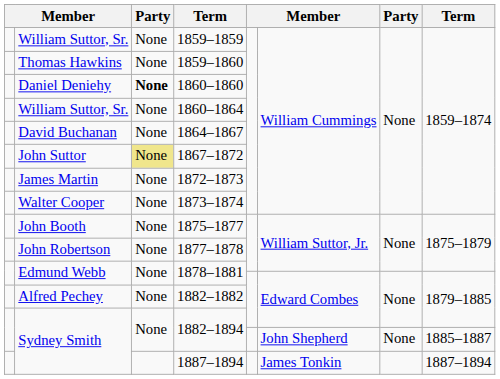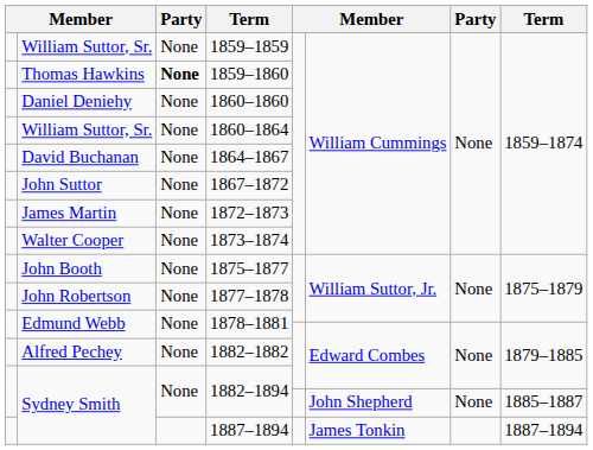 <table class="wikitable">
 <tr>
 <th colspan="2">Member</th>
 <th>Party</th>
 <th>Term</th>
 <th colspan="2">Member</th>
 <th>Party</th>
 <th>Term</th>
 </tr>
 <tr>
 <td> </td>
 <td><a href='#'>William Suttor, Sr.</a></td>
 <td>None</td>
 <td>1859–1859</td>
 <td rowspan="8" > </td>
 <td rowspan="8"><a href='#'>William Cummings</a></td>
 <td rowspan="8">None</td>
 <td rowspan="8">1859–1874</td>
 </tr>
 <tr>
 <td> </td>
 <td><a href='#'>Thomas Hawkins</a></td>
-<td>None</td>
+<td><strong>None</strong></td>
 <td>1859–1860</td>
 </tr>
 <tr>
 <td> </td>
 <td><a href='#'>Daniel Deniehy</a></td>
-<td><strong>None</strong></td>
+<td>None</td>
 <td>1860–1860</td>
 </tr>
 <tr>
 <td> </td>
 <td><a href='#'>William Suttor, Sr.</a></td>
 <td>None</td>
 <td>1860–1864</td>
 </tr>
 <tr>
 <td> </td>
 <td><a href='#'>David Buchanan</a></td>
 <td>None</td>
 <td>1864–1867</td>
 </tr>
 <tr>
 <td> </td>
 <td><a href='#'>John Suttor</a></td>
-<td style="background: khaki;">None</td>
+<td>None</td>
 <td>1867–1872</td>
 </tr>
 <tr>
 <td> </td>
 <td><a href='#'>James Martin</a></td>
 <td>None</td>
 <td>1872–1873</td>
 </tr>
 <tr>
 <td> </td>
 <td><a href='#'>Walter Cooper</a></td>
 <td>None</td>
 <td>1873–1874</td>
 </tr>
 <tr>
 <td> </td>
 <td><a href='#'>John Booth</a></td>
 <td>None</td>
 <td>1875–1877</td>
 <td rowspan="3" > <br> <br> </td>
 <td rowspan="3"><a href='#'>William Suttor, Jr.</a></td>
 <td rowspan="3">None</td>
 <td rowspan="3">1875–1879</td>
 </tr>
 <tr>
 <td> </td>
 <td><a href='#'>John Robertson</a></td>
 <td>None</td>
 <td>1877–1878</td>
 </tr>
 <tr>
 <td rowspan="2" > </td>
 <td rowspan="2"><a href='#'>Edmund Webb</a></td>
 <td rowspan="2">None</td>
 <td rowspan="2">1878–1881</td>
 </tr>
 <tr>
 <td rowspan="3" > <br> <br> </td>
 <td rowspan="3"><a href='#'>Edward Combes</a></td>
 <td rowspan="3">None</td>
 <td rowspan="3">1879–1885</td>
 </tr>
 <tr>
 <td> </td>
 <td><a href='#'>Alfred Pechey</a></td>
 <td>None</td>
 <td>1882–1882</td>
 </tr>
 <tr>
 <td rowspan="2" > </td>
 <td rowspan="3"><a href='#'>Sydney Smith</a></td>
 <td rowspan="2">None</td>
 <td rowspan="2">1882–1894</td>
 </tr>
 <tr>
 <td> </td>
 <td><a href='#'>John Shepherd</a></td>
 <td>None</td>
 <td>1885–1887</td>
 </tr>
 <tr>
 <td> </td>
 <td></td>
 <td>1887–1894</td>
 <td> </td>
 <td><a href='#'>James Tonkin</a></td>
 <td></td>
 <td>1887–1894</td>
 </tr>
 </table>
